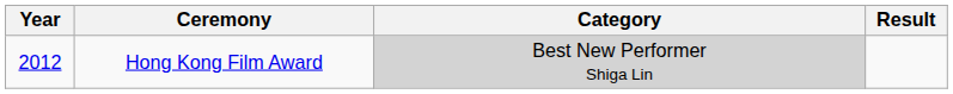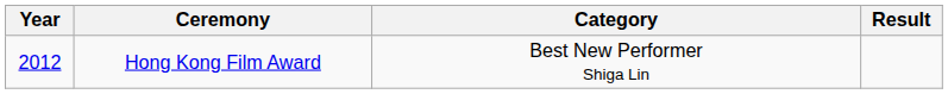 <table class="wikitable">
 <tr>
 <th style="width:50px;">Year</th>
 <th style="width:240px;">Ceremony</th>
 <th style="width:400px;">Category</th>
 <th style="width:60px;">Result</th>
 </tr>
 <tr>
 <td align="center" rowspan=6><a href='#'>2012</a></td>
 <td align="center" rowspan=6><a href='#'>Hong Kong Film Award</a></td>
-<td align="center" style="background: lightgrey;">Best New Performer<br><small>Shiga Lin</small></td>
+<td align="center">Best New Performer<br><small>Shiga Lin</small></td>
 <td></td>
 </tr>
 </table>
